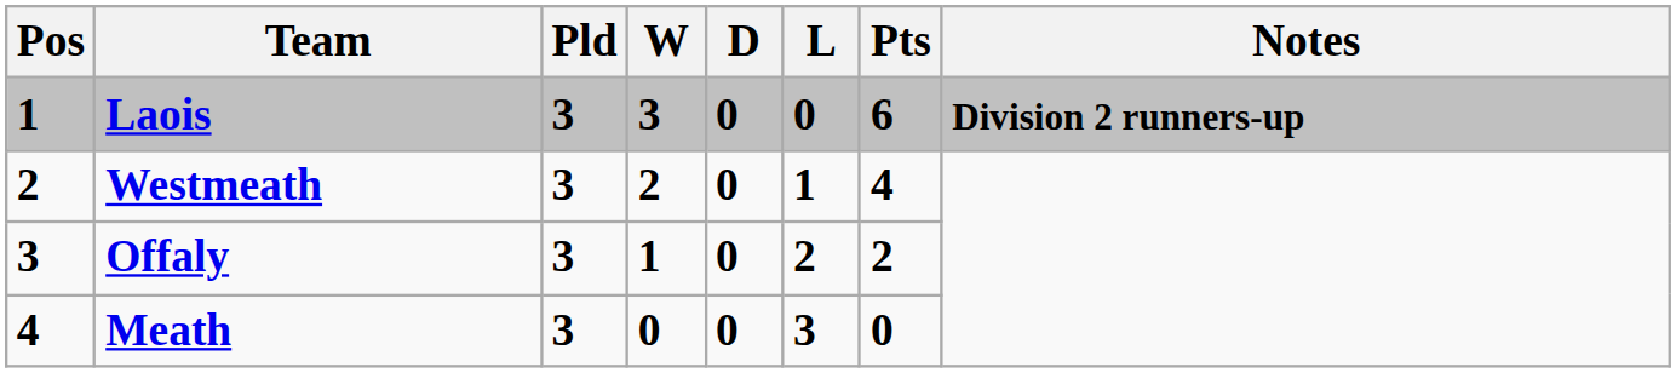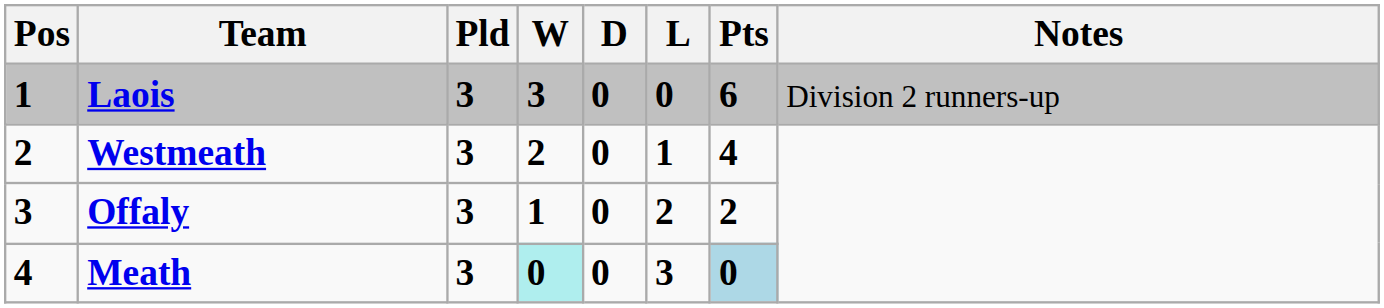 <table class="wikitable" style="text-align: centre;">
 <tr>
 <th width=20>Pos</th>
 <th width=150>Team</th>
 <th width=20>Pld</th>
 <th width=20>W</th>
 <th width=20>D</th>
 <th width=20>L</th>
 <th width=20>Pts</th>
 <th width=250>Notes</th>
 </tr>
 <tr style="background:silver;">
 <td><strong>1</strong></td>
 <td align=left><strong> <a href='#'>Laois</a> </strong></td>
 <td><strong>3</strong></td>
 <td><strong>3</strong></td>
 <td><strong>0</strong></td>
 <td><strong>0</strong></td>
 <td><strong>6</strong></td>
-<td><strong><small> Division 2 runners-up</small></strong></td>
+<td><small> Division 2 runners-up</small></td>
 </tr>
 <tr style>
 <td><strong>2</strong></td>
 <td align=left><strong> <a href='#'>Westmeath</a> </strong></td>
 <td><strong>3</strong></td>
 <td><strong>2</strong></td>
 <td><strong>0</strong></td>
 <td><strong>1</strong></td>
 <td><strong>4</strong></td>
 </tr>
 <tr>
 <td><strong>3</strong></td>
 <td align=left><strong> <a href='#'>Offaly</a> </strong></td>
 <td><strong>3</strong></td>
 <td><strong>1</strong></td>
 <td><strong>0</strong></td>
 <td><strong>2</strong></td>
 <td><strong>2</strong></td>
 </tr>
 <tr style>
 <td><strong>4</strong></td>
 <td align=left><strong> <a href='#'>Meath</a> </strong></td>
 <td><strong>3</strong></td>
-<td><strong>0</strong></td>
+<td style="background: paleturquoise;"><strong>0</strong></td>
 <td><strong>0</strong></td>
 <td><strong>3</strong></td>
-<td><strong>0</strong></td>
+<td style="background: lightblue;"><strong>0</strong></td>
 </tr>
 </table>
